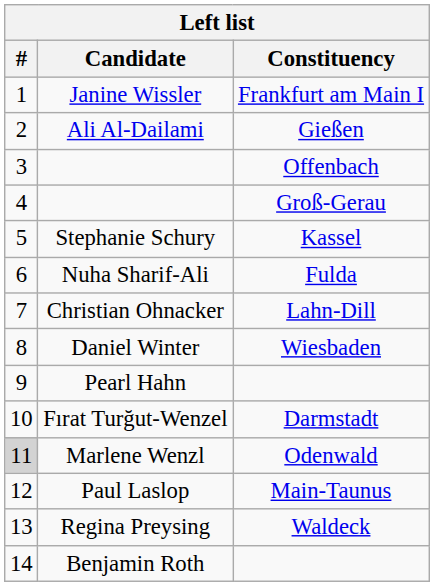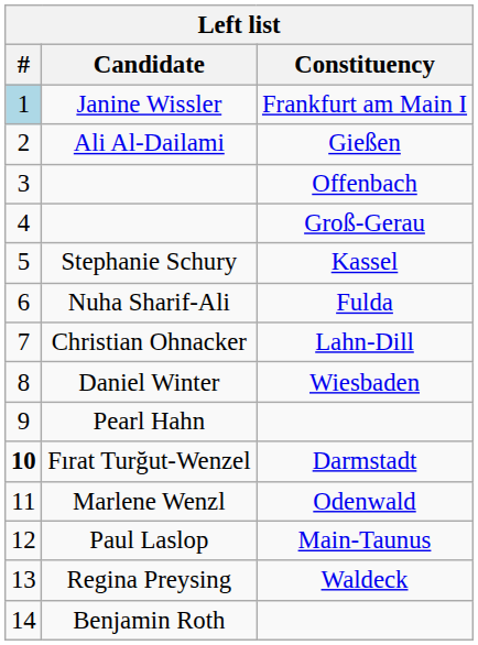 <table class="wikitable mw-collapsible mw-collapsed" style="text-align:center">
 <tr>
 <th colspan=3>Left list</th>
 </tr>
 <tr>
 <th>#</th>
 <th>Candidate</th>
 <th>Constituency</th>
 </tr>
 <tr>
-<td>1</td>
+<td style="background: lightblue;">1</td>
 <td><a href='#'>Janine Wissler</a></td>
 <td><a href='#'>Frankfurt am Main I</a></td>
 </tr>
 <tr>
 <td>2</td>
 <td><a href='#'>Ali Al-Dailami</a></td>
 <td><a href='#'>Gießen</a></td>
 </tr>
 <tr>
 <td>3</td>
 <td></td>
 <td><a href='#'>Offenbach</a></td>
 </tr>
 <tr>
 <td>4</td>
 <td></td>
 <td><a href='#'>Groß-Gerau</a></td>
 </tr>
 <tr>
 <td>5</td>
 <td>Stephanie Schury</td>
 <td><a href='#'>Kassel</a></td>
 </tr>
 <tr>
 <td>6</td>
 <td>Nuha Sharif-Ali</td>
 <td><a href='#'>Fulda</a></td>
 </tr>
 <tr>
 <td>7</td>
 <td>Christian Ohnacker</td>
 <td><a href='#'>Lahn-Dill</a></td>
 </tr>
 <tr>
 <td>8</td>
 <td>Daniel Winter</td>
 <td><a href='#'>Wiesbaden</a></td>
 </tr>
 <tr>
 <td>9</td>
 <td>Pearl Hahn</td>
 <td></td>
 </tr>
 <tr>
-<td>10</td>
+<td><strong>10</strong></td>
 <td>Fırat Turğut-Wenzel</td>
 <td><a href='#'>Darmstadt</a></td>
 </tr>
 <tr>
-<td style="background: lightgrey;">11</td>
+<td>11</td>
 <td>Marlene Wenzl</td>
 <td><a href='#'>Odenwald</a></td>
 </tr>
 <tr>
 <td>12</td>
 <td>Paul Laslop</td>
 <td><a href='#'>Main-Taunus</a></td>
 </tr>
 <tr>
 <td>13</td>
 <td>Regina Preysing</td>
 <td><a href='#'>Waldeck</a></td>
 </tr>
 <tr>
 <td>14</td>
 <td>Benjamin Roth</td>
 <td></td>
 </tr>
 </table>
